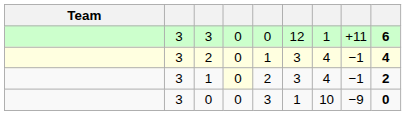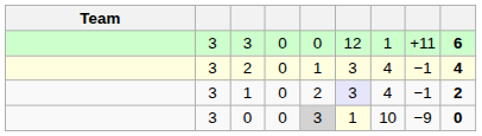 <table class="wikitable" style="text-align: center; font-size: 90%;">
 <tr>
 <th width=165>Team</th>
 <th width=25></th>
 <th width=25></th>
 <th width=25></th>
 <th width=25></th>
 <th width=25></th>
 <th width=25></th>
 <th width=25></th>
 <th width=25></th>
 </tr>
 <tr style="background:#cfc;">
 <td align="left"></td>
 <td>3</td>
 <td>3</td>
 <td>0</td>
 <td>0</td>
 <td>12</td>
 <td>1</td>
 <td>+11</td>
 <td><strong>6</strong></td>
 </tr>
 <tr style="background:#ffffe0;">
 <td align="left"></td>
 <td>3</td>
 <td>2</td>
 <td>0</td>
 <td>1</td>
 <td>3</td>
 <td>4</td>
 <td>−1</td>
 <td><strong>4</strong></td>
 </tr>
 <tr>
 <td align="left"></td>
 <td>3</td>
 <td>1</td>
-<td style="background: lightyellow;">0</td>
+<td>0</td>
 <td>2</td>
-<td>3</td>
+<td style="background: lavender;">3</td>
 <td>4</td>
 <td>−1</td>
 <td><strong>2</strong></td>
 </tr>
 <tr>
 <td align="left"></td>
 <td>3</td>
 <td>0</td>
 <td>0</td>
-<td>3</td>
-<td>1</td>
+<td style="background: lightgrey;">3</td>
+<td style="background: lightyellow;">1</td>
 <td>10</td>
 <td>−9</td>
 <td><strong>0</strong></td>
 </tr>
 </table>
